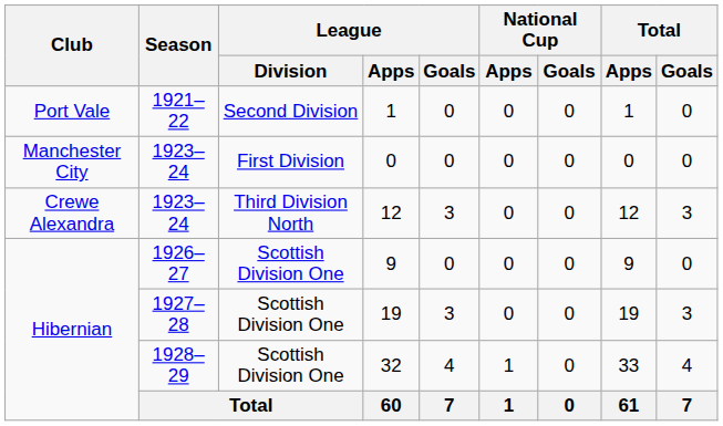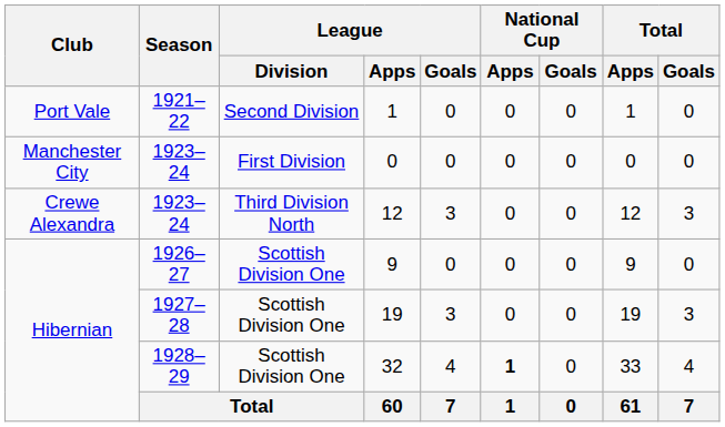 <table class="wikitable" style="text-align:center">
 <tr>
 <th rowspan="2">Club</th>
 <th rowspan="2">Season</th>
 <th colspan="3">League</th>
 <th colspan="2">National Cup</th>
 <th colspan="2">Total</th>
 </tr>
 <tr>
 <th>Division</th>
 <th>Apps</th>
 <th>Goals</th>
 <th>Apps</th>
 <th>Goals</th>
 <th>Apps</th>
 <th>Goals</th>
 </tr>
 <tr>
 <td><a href='#'>Port Vale</a></td>
 <td><a href='#'>1921–22</a></td>
 <td><a href='#'>Second Division</a></td>
 <td>1</td>
 <td>0</td>
 <td>0</td>
 <td>0</td>
 <td>1</td>
 <td>0</td>
 </tr>
 <tr>
 <td><a href='#'>Manchester City</a></td>
 <td><a href='#'>1923–24</a></td>
 <td><a href='#'>First Division</a></td>
 <td>0</td>
 <td>0</td>
 <td>0</td>
 <td>0</td>
 <td>0</td>
 <td>0</td>
 </tr>
 <tr>
 <td><a href='#'>Crewe Alexandra</a></td>
 <td><a href='#'>1923–24</a></td>
 <td><a href='#'>Third Division North</a></td>
 <td>12</td>
 <td>3</td>
 <td>0</td>
 <td>0</td>
 <td>12</td>
 <td>3</td>
 </tr>
 <tr>
 <td rowspan="4"><a href='#'>Hibernian</a></td>
 <td><a href='#'>1926–27</a></td>
 <td><a href='#'>Scottish Division One</a></td>
 <td>9</td>
 <td>0</td>
 <td>0</td>
 <td>0</td>
 <td>9</td>
 <td>0</td>
 </tr>
 <tr>
 <td><a href='#'>1927–28</a></td>
 <td>Scottish Division One</td>
 <td>19</td>
 <td>3</td>
 <td>0</td>
 <td>0</td>
 <td>19</td>
 <td>3</td>
 </tr>
 <tr>
 <td><a href='#'>1928–29</a></td>
 <td>Scottish Division One</td>
 <td>32</td>
 <td>4</td>
-<td>1</td>
+<td><strong>1</strong></td>
 <td>0</td>
 <td>33</td>
 <td>4</td>
 </tr>
 <tr>
 <th colspan="2">Total</th>
 <th>60</th>
 <th>7</th>
 <th>1</th>
 <th>0</th>
 <th>61</th>
 <th>7</th>
 </tr>
 </table>
